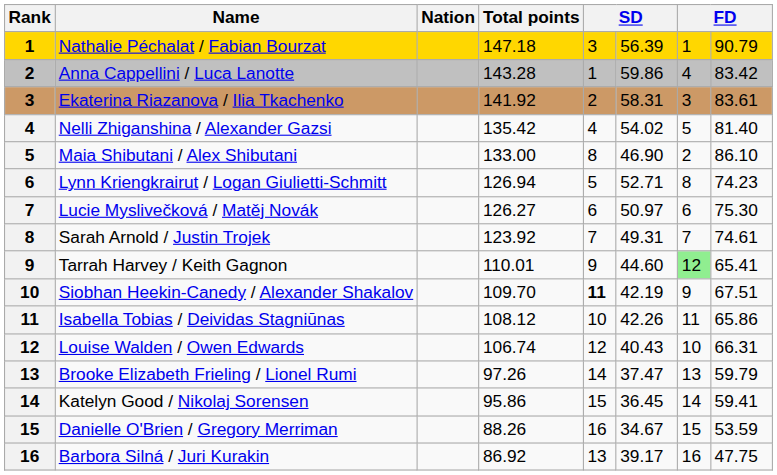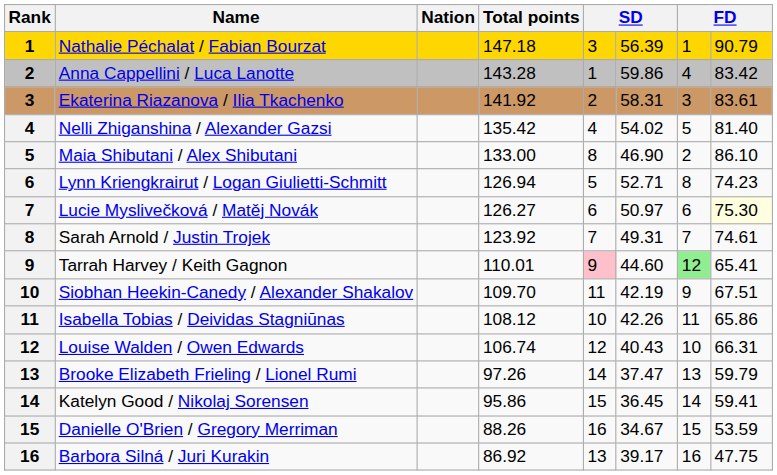 <table class="wikitable">
 <tr>
 <th>Rank</th>
 <th>Name</th>
 <th>Nation</th>
 <th>Total points</th>
 <th colspan="2" width="80px" align="center"><a href='#'>SD</a></th>
 <th colspan="2" width="80px" align="center"><a href='#'>FD</a></th>
 </tr>
 <tr bgcolor="gold">
 <td align="center"><strong>1</strong></td>
 <td><a href='#'>Nathalie Péchalat</a> / <a href='#'>Fabian Bourzat</a></td>
 <td></td>
 <td>147.18</td>
 <td>3</td>
 <td>56.39</td>
 <td>1</td>
 <td>90.79</td>
 </tr>
 <tr bgcolor="silver">
 <td align="center"><strong>2</strong></td>
 <td><a href='#'>Anna Cappellini</a> / <a href='#'>Luca Lanotte</a></td>
 <td></td>
 <td>143.28</td>
 <td>1</td>
 <td>59.86</td>
 <td>4</td>
 <td>83.42</td>
 </tr>
 <tr bgcolor="cc9966">
 <td align="center"><strong>3</strong></td>
 <td><a href='#'>Ekaterina Riazanova</a> / <a href='#'>Ilia Tkachenko</a></td>
 <td></td>
 <td>141.92</td>
 <td>2</td>
 <td>58.31</td>
 <td>3</td>
 <td>83.61</td>
 </tr>
 <tr>
 <th>4</th>
 <td><a href='#'>Nelli Zhiganshina</a> / <a href='#'>Alexander Gazsi</a></td>
 <td></td>
 <td>135.42</td>
 <td>4</td>
 <td>54.02</td>
 <td>5</td>
 <td>81.40</td>
 </tr>
 <tr>
 <th>5</th>
 <td><a href='#'>Maia Shibutani</a> / <a href='#'>Alex Shibutani</a></td>
 <td></td>
 <td>133.00</td>
 <td>8</td>
 <td>46.90</td>
 <td>2</td>
 <td>86.10</td>
 </tr>
 <tr>
 <th>6</th>
 <td><a href='#'>Lynn Kriengkrairut</a> / <a href='#'>Logan Giulietti-Schmitt</a></td>
 <td></td>
 <td>126.94</td>
 <td>5</td>
 <td>52.71</td>
 <td>8</td>
 <td>74.23</td>
 </tr>
 <tr>
 <th>7</th>
 <td><a href='#'>Lucie Myslivečková</a> / <a href='#'>Matěj Novák</a></td>
 <td></td>
 <td>126.27</td>
 <td>6</td>
 <td>50.97</td>
 <td>6</td>
-<td>75.30</td>
+<td style="background: lightyellow;">75.30</td>
 </tr>
 <tr>
 <th>8</th>
 <td>Sarah Arnold / <a href='#'>Justin Trojek</a></td>
 <td></td>
 <td>123.92</td>
 <td>7</td>
 <td>49.31</td>
 <td>7</td>
 <td>74.61</td>
 </tr>
 <tr>
 <th>9</th>
 <td>Tarrah Harvey / Keith Gagnon</td>
 <td></td>
 <td>110.01</td>
-<td>9</td>
+<td style="background: pink;">9</td>
 <td>44.60</td>
 <td style="background: lightgreen;">12</td>
 <td>65.41</td>
 </tr>
 <tr>
 <th>10</th>
 <td><a href='#'>Siobhan Heekin-Canedy</a> / <a href='#'>Alexander Shakalov</a></td>
 <td></td>
 <td>109.70</td>
-<td><strong>11</strong></td>
+<td>11</td>
 <td>42.19</td>
 <td>9</td>
 <td>67.51</td>
 </tr>
 <tr>
 <th>11</th>
 <td><a href='#'>Isabella Tobias</a> / <a href='#'>Deividas Stagniūnas</a></td>
 <td></td>
 <td>108.12</td>
 <td>10</td>
 <td>42.26</td>
 <td>11</td>
 <td>65.86</td>
 </tr>
 <tr>
 <th>12</th>
 <td><a href='#'>Louise Walden</a> / <a href='#'>Owen Edwards</a></td>
 <td></td>
 <td>106.74</td>
 <td>12</td>
 <td>40.43</td>
 <td>10</td>
 <td>66.31</td>
 </tr>
 <tr>
 <th>13</th>
 <td><a href='#'>Brooke Elizabeth Frieling</a> / <a href='#'>Lionel Rumi</a></td>
 <td></td>
 <td>97.26</td>
 <td>14</td>
 <td>37.47</td>
 <td>13</td>
 <td>59.79</td>
 </tr>
 <tr>
 <th>14</th>
 <td>Katelyn Good / <a href='#'>Nikolaj Sorensen</a></td>
 <td></td>
 <td>95.86</td>
 <td>15</td>
 <td>36.45</td>
 <td>14</td>
 <td>59.41</td>
 </tr>
 <tr>
 <th>15</th>
 <td><a href='#'>Danielle O'Brien</a> / <a href='#'>Gregory Merriman</a></td>
 <td></td>
 <td>88.26</td>
 <td>16</td>
 <td>34.67</td>
 <td>15</td>
 <td>53.59</td>
 </tr>
 <tr>
 <th>16</th>
 <td><a href='#'>Barbora Silná</a> / <a href='#'>Juri Kurakin</a></td>
 <td></td>
 <td>86.92</td>
 <td>13</td>
 <td>39.17</td>
 <td>16</td>
 <td>47.75</td>
 </tr>
 </table>
